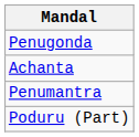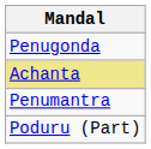 <table class="wikitable sortable static-row-numbers static-row-header-hash">
 <tr>
 <th>Mandal</th>
 </tr>
 <tr>
 <td><a href='#'>Penugonda</a></td>
 </tr>
 <tr>
-<td><a href='#'>Achanta</a></td>
+<td style="background: khaki;"><a href='#'>Achanta</a></td>
 </tr>
 <tr>
 <td><a href='#'>Penumantra</a></td>
 </tr>
 <tr>
 <td><a href='#'>Poduru</a> (Part)</td>
 </tr>
 </table>
